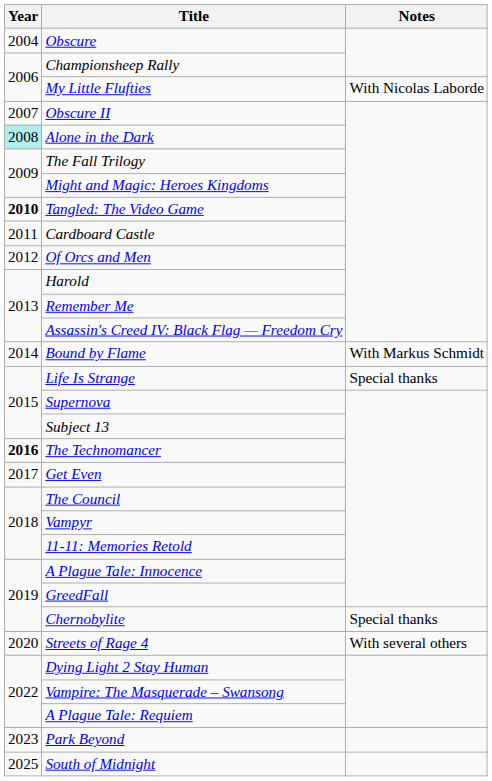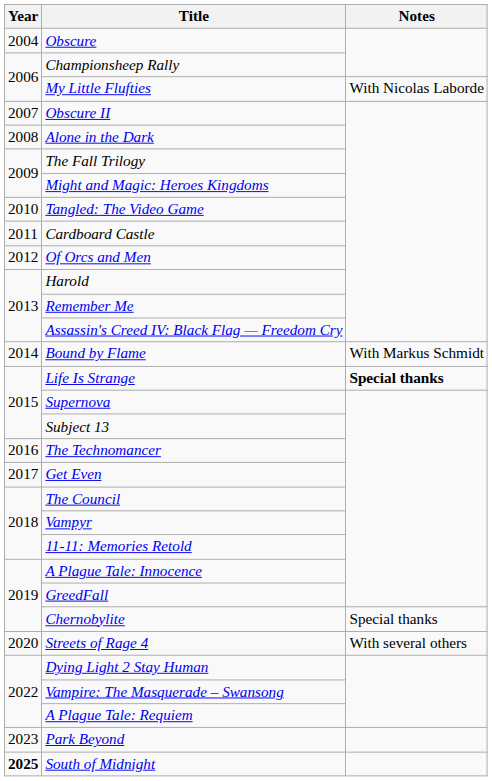 <table class="wikitable sortable" width="auto">
 <tr>
 <th>Year</th>
 <th>Title</th>
 <th>Notes</th>
 </tr>
 <tr>
 <td>2004</td>
 <td><em><a href='#'>Obscure</a></em></td>
 <td rowspan="2"></td>
 </tr>
 <tr>
 <td rowspan="2">2006</td>
 <td><em>Championsheep Rally</em></td>
 </tr>
 <tr>
 <td><em><a href='#'>My Little Flufties</a></em></td>
 <td>With Nicolas Laborde</td>
 </tr>
 <tr>
 <td>2007</td>
 <td><em><a href='#'>Obscure II</a></em></td>
 <td rowspan="10"></td>
 </tr>
 <tr>
-<td style="background: paleturquoise;">2008</td>
+<td>2008</td>
 <td><em><a href='#'>Alone in the Dark</a></em></td>
 </tr>
 <tr>
 <td rowspan="2">2009</td>
 <td><em>The Fall Trilogy</em></td>
 </tr>
 <tr>
 <td><em><a href='#'>Might and Magic: Heroes Kingdoms</a></em></td>
 </tr>
 <tr>
-<td><strong>2010</strong></td>
+<td>2010</td>
 <td><em><a href='#'>Tangled: The Video Game</a></em></td>
 </tr>
 <tr>
 <td>2011</td>
 <td><em>Cardboard Castle</em></td>
 </tr>
 <tr>
 <td>2012</td>
 <td><em><a href='#'>Of Orcs and Men</a></em></td>
 </tr>
 <tr>
 <td rowspan="3">2013</td>
 <td><em>Harold</em></td>
 </tr>
 <tr>
 <td><em><a href='#'>Remember Me</a></em></td>
 </tr>
 <tr>
 <td><em><a href='#'>Assassin's Creed IV: Black Flag — Freedom Cry</a></em></td>
 </tr>
 <tr>
 <td>2014</td>
 <td><em><a href='#'>Bound by Flame</a></em></td>
 <td>With Markus Schmidt</td>
 </tr>
 <tr>
 <td rowspan="3">2015</td>
 <td><em><a href='#'>Life Is Strange</a></em></td>
-<td>Special thanks</td>
+<td><strong>Special thanks</strong></td>
 </tr>
 <tr>
 <td><em><a href='#'>Supernova</a></em></td>
 <td rowspan="9"></td>
 </tr>
 <tr>
 <td><em>Subject 13</em></td>
 </tr>
 <tr>
-<td><strong>2016</strong></td>
+<td>2016</td>
 <td><em><a href='#'>The Technomancer</a></em></td>
 </tr>
 <tr>
 <td>2017</td>
 <td><em><a href='#'>Get Even</a></em></td>
 </tr>
 <tr>
 <td rowspan="3">2018</td>
 <td><em><a href='#'>The Council</a></em></td>
 </tr>
 <tr>
 <td><em><a href='#'>Vampyr</a></em></td>
 </tr>
 <tr>
 <td><em><a href='#'>11-11: Memories Retold</a></em></td>
 </tr>
 <tr>
 <td rowspan="3">2019</td>
 <td><em><a href='#'>A Plague Tale: Innocence</a></em></td>
 </tr>
 <tr>
 <td><em><a href='#'>GreedFall</a></em></td>
 </tr>
 <tr>
 <td><em><a href='#'>Chernobylite</a></em></td>
 <td>Special thanks</td>
 </tr>
 <tr>
 <td rowspan="1">2020</td>
 <td><em><a href='#'>Streets of Rage 4</a></em></td>
 <td>With several others</td>
 </tr>
 <tr>
 <td rowspan="3">2022</td>
 <td><em><a href='#'>Dying Light 2 Stay Human</a></em></td>
 <td rowspan="3"></td>
 </tr>
 <tr>
 <td><em><a href='#'>Vampire: The Masquerade – Swansong</a></em></td>
 </tr>
 <tr>
 <td><em><a href='#'>A Plague Tale: Requiem</a></em></td>
 </tr>
 <tr>
 <td>2023</td>
 <td><em><a href='#'>Park Beyond</a></em></td>
 </tr>
 <tr>
-<td>2025</td>
+<td><strong>2025</strong></td>
 <td><em><a href='#'>South of Midnight</a></em></td>
 <td></td>
 </tr>
 </table>
